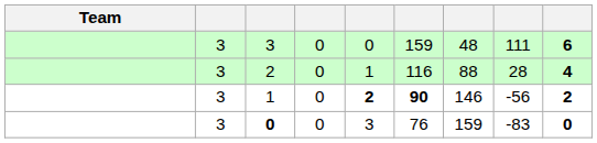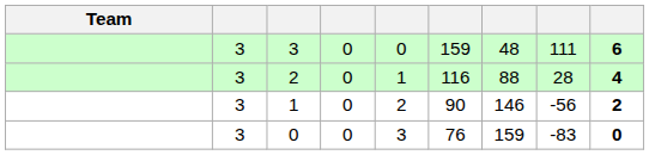 <table class=wikitable style="text-align:center">
 <tr>
 <th width=175>Team</th>
 <th width=40></th>
 <th width=40></th>
 <th width=40></th>
 <th width=40></th>
 <th width=40></th>
 <th width=40></th>
 <th width=40></th>
 <th width=40></th>
 </tr>
 <tr style="background:#ccffcc">
 <td align=left></td>
 <td>3</td>
 <td>3</td>
 <td>0</td>
 <td>0</td>
 <td>159</td>
 <td>48</td>
 <td>111</td>
 <td><strong>6</strong></td>
 </tr>
 <tr style="background:#ccffcc">
 <td align=left></td>
 <td>3</td>
 <td>2</td>
 <td>0</td>
 <td>1</td>
 <td>116</td>
 <td>88</td>
 <td>28</td>
 <td><strong>4</strong></td>
 </tr>
 <tr style="background:white;">
 <td align=left></td>
 <td>3</td>
 <td>1</td>
 <td>0</td>
-<td><strong>2</strong></td>
-<td><strong>90</strong></td>
+<td>2</td>
+<td>90</td>
 <td>146</td>
 <td>-56</td>
 <td><strong>2</strong></td>
 </tr>
 <tr style="background:white;">
 <td align=left></td>
 <td>3</td>
-<td><strong>0</strong></td>
+<td>0</td>
 <td>0</td>
 <td>3</td>
 <td>76</td>
 <td>159</td>
 <td>-83</td>
 <td><strong>0</strong></td>
 </tr>
 </table>
